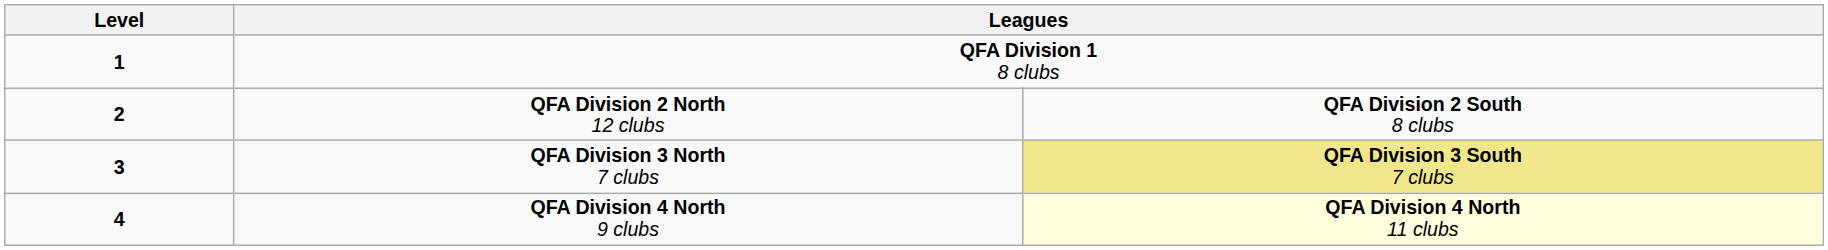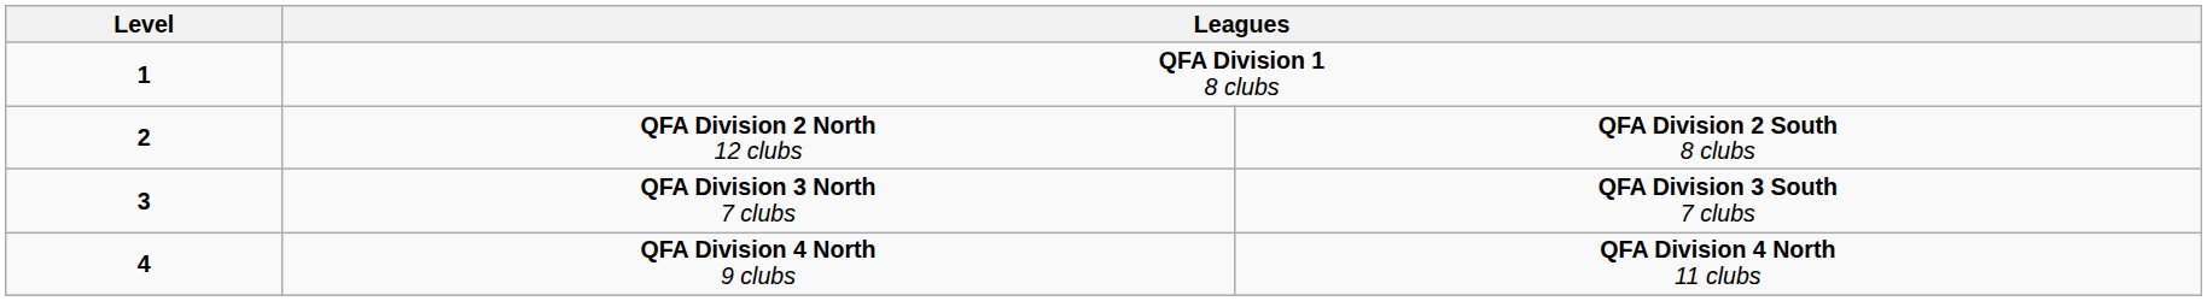 <table class="wikitable" style="text-align: center; font-size: 85%;" width="100%;">
 <tr>
 <th>Level</th>
 <th colspan=2>Leagues</th>
 </tr>
 <tr>
 <td><strong>1</strong></td>
 <td colspan="2"><strong>QFA Division 1</strong><br><em>8 clubs</em></td>
 </tr>
 <tr>
 <td><strong>2</strong></td>
 <td><strong>QFA Division 2 North</strong><br><em>12 clubs</em></td>
 <td><strong>QFA Division 2 South</strong><br><em>8 clubs</em></td>
 </tr>
 <tr>
 <td><strong>3</strong></td>
 <td colspan="1"><strong>QFA Division 3 North</strong><br><em>7 clubs</em></td>
-<td colspan="1" style="background: khaki;"><strong>QFA Division 3 South</strong><br><em>7 clubs</em></td>
+<td colspan="1"><strong>QFA Division 3 South</strong><br><em>7 clubs</em></td>
 </tr>
 <tr>
 <td><strong>4</strong></td>
 <td colspan="1"><strong>QFA Division 4 North</strong><br><em>9 clubs</em></td>
-<td colspan="1" style="background: lightyellow;"><strong>QFA Division 4 North</strong><br><em>11 clubs</em></td>
+<td colspan="1"><strong>QFA Division 4 North</strong><br><em>11 clubs</em></td>
 </tr>
 </table>
